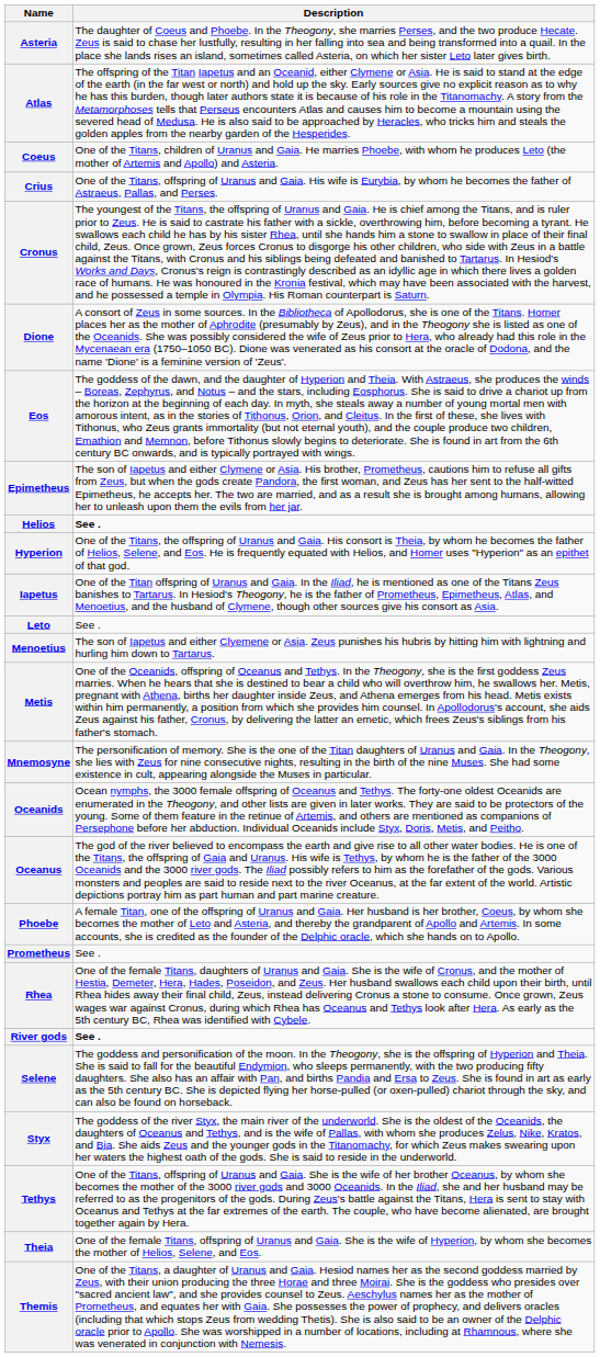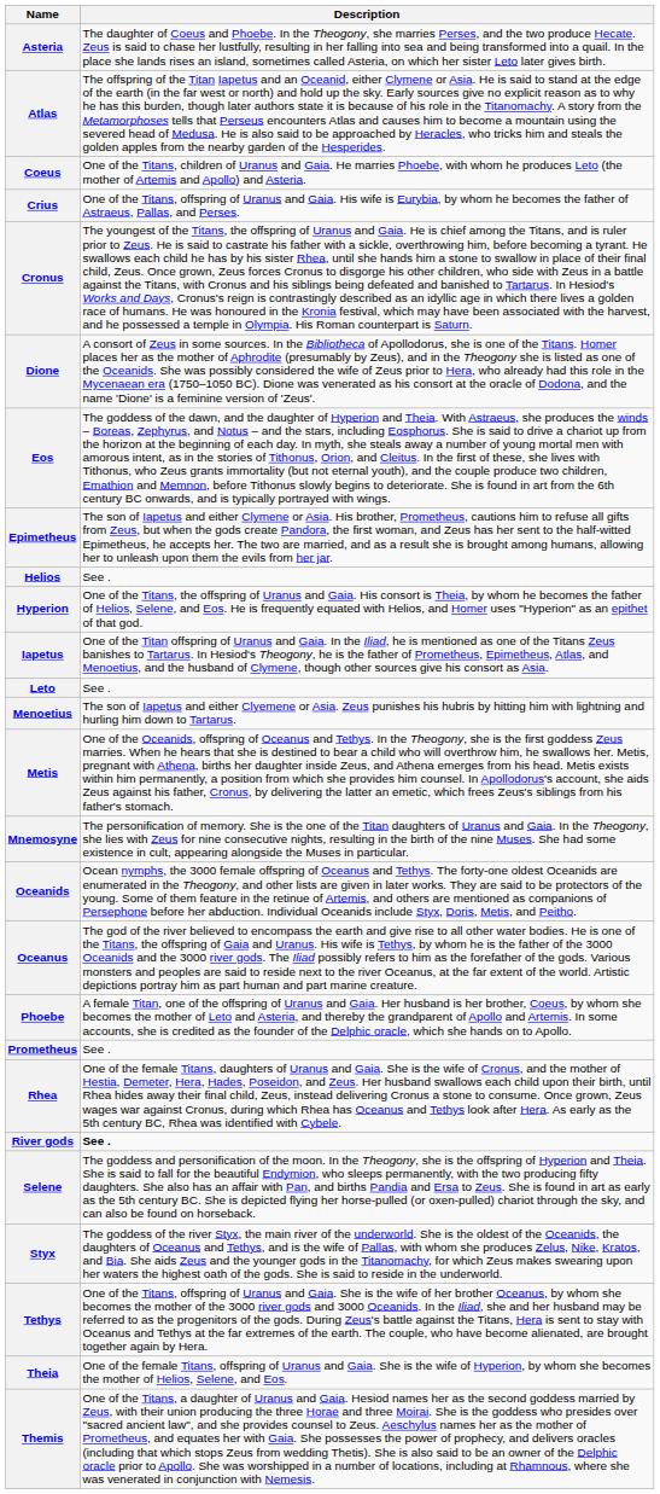 <table class="wikitable">
 <tr>
 <th scope="col">Name</th>
 <th scope="col">Description</th>
 </tr>
 <tr>
 <th scope="row"><a href='#'>Asteria</a></th>
 <td>The daughter of <a href='#'>Coeus</a> and <a href='#'>Phoebe</a>. In the <em>Theogony</em>, she marries <a href='#'>Perses</a>, and the two produce <a href='#'>Hecate</a>. <a href='#'>Zeus</a> is said to chase her lustfully, resulting in her falling into sea and being transformed into a quail. In the place she lands rises an island, sometimes called Asteria, on which her sister <a href='#'>Leto</a> later gives birth.</td>
 </tr>
 <tr>
 <th scope="row"><a href='#'>Atlas</a></th>
 <td>The offspring of the <a href='#'>Titan</a> <a href='#'>Iapetus</a> and an <a href='#'>Oceanid</a>, either <a href='#'>Clymene</a> or <a href='#'>Asia</a>. He is said to stand at the edge of the earth (in the far west or north) and hold up the sky. Early sources give no explicit reason as to why he has this burden, though later authors state it is because of his role in the <a href='#'>Titanomachy</a>. A story from the <em><a href='#'>Metamorphoses</a></em> tells that <a href='#'>Perseus</a> encounters Atlas and causes him to become a mountain using the severed head of <a href='#'>Medusa</a>. He is also said to be approached by <a href='#'>Heracles</a>, who tricks him and steals the golden apples from the nearby garden of the <a href='#'>Hesperides</a>.</td>
 </tr>
 <tr>
 <th scope="row"><a href='#'>Coeus</a></th>
 <td>One of the <a href='#'>Titans</a>, children of <a href='#'>Uranus</a> and <a href='#'>Gaia</a>. He marries <a href='#'>Phoebe</a>, with whom he produces <a href='#'>Leto</a> (the mother of <a href='#'>Artemis</a> and <a href='#'>Apollo</a>) and <a href='#'>Asteria</a>.</td>
 </tr>
 <tr>
 <th scope="row"><a href='#'>Crius</a></th>
 <td>One of the <a href='#'>Titans</a>, offspring of <a href='#'>Uranus</a> and <a href='#'>Gaia</a>. His wife is <a href='#'>Eurybia</a>, by whom he becomes the father of <a href='#'>Astraeus</a>, <a href='#'>Pallas</a>, and <a href='#'>Perses</a>.</td>
 </tr>
 <tr>
 <th scope="row"><a href='#'>Cronus</a></th>
 <td>The youngest of the <a href='#'>Titans</a>, the offspring of <a href='#'>Uranus</a> and <a href='#'>Gaia</a>. He is chief among the Titans, and is ruler prior to <a href='#'>Zeus</a>. He is said to castrate his father with a sickle, overthrowing him, before becoming a tyrant. He swallows each child he has by his sister <a href='#'>Rhea</a>, until she hands him a stone to swallow in place of their final child, Zeus. Once grown, Zeus forces Cronus to disgorge his other children, who side with Zeus in a battle against the Titans, with Cronus and his siblings being defeated and banished to <a href='#'>Tartarus</a>. In Hesiod's <em><a href='#'>Works and Days</a></em>, Cronus's reign is contrastingly described as an idyllic age in which there lives a golden race of humans. He was honoured in the <a href='#'>Kronia</a> festival, which may have been associated with the harvest, and he possessed a temple in <a href='#'>Olympia</a>. His Roman counterpart is <a href='#'>Saturn</a>.</td>
 </tr>
 <tr>
 <th scope="row"><a href='#'>Dione</a></th>
 <td>A consort of <a href='#'>Zeus</a> in some sources. In the <em><a href='#'>Bibliotheca</a></em> of Apollodorus, she is one of the <a href='#'>Titans</a>. <a href='#'>Homer</a> places her as the mother of <a href='#'>Aphrodite</a> (presumably by Zeus), and in the <em>Theogony</em> she is listed as one of the <a href='#'>Oceanids</a>. She was possibly considered the wife of Zeus prior to <a href='#'>Hera</a>, who already had this role in the <a href='#'>Mycenaean era</a> (1750–1050 BC). Dione was venerated as his consort at the oracle of <a href='#'>Dodona</a>, and the name 'Dione' is a feminine version of 'Zeus'.</td>
 </tr>
 <tr>
 <th scope="row"><a href='#'>Eos</a></th>
 <td>The goddess of the dawn, and the daughter of <a href='#'>Hyperion</a> and <a href='#'>Theia</a>. With <a href='#'>Astraeus</a>, she produces the <a href='#'>winds</a> – <a href='#'>Boreas</a>, <a href='#'>Zephyrus</a>, and <a href='#'>Notus</a> – and the stars, including <a href='#'>Eosphorus</a>. She is said to drive a chariot up from the horizon at the beginning of each day. In myth, she steals away a number of young mortal men with amorous intent, as in the stories of <a href='#'>Tithonus</a>, <a href='#'>Orion</a>, and <a href='#'>Cleitus</a>. In the first of these, she lives with Tithonus, who Zeus grants immortality (but not eternal youth), and the couple produce two children, <a href='#'>Emathion</a> and <a href='#'>Memnon</a>, before Tithonus slowly begins to deteriorate. She is found in art from the 6th century BC onwards, and is typically portrayed with wings.</td>
 </tr>
 <tr>
 <th scope="row"><a href='#'>Epimetheus</a></th>
 <td>The son of <a href='#'>Iapetus</a> and either <a href='#'>Clymene</a> or <a href='#'>Asia</a>. His brother, <a href='#'>Prometheus</a>, cautions him to refuse all gifts from <a href='#'>Zeus</a>, but when the gods create <a href='#'>Pandora</a>, the first woman, and Zeus has her sent to the half-witted Epimetheus, he accepts her. The two are married, and as a result she is brought among humans, allowing her to unleash upon them the evils from <a href='#'>her jar</a>.</td>
 </tr>
 <tr>
 <th scope="row"><a href='#'>Helios</a></th>
-<td><strong>See .</strong></td>
+<td>See .</td>
 </tr>
 <tr>
 <th scope="row"><a href='#'>Hyperion</a></th>
 <td>One of the <a href='#'>Titans</a>, the offspring of <a href='#'>Uranus</a> and <a href='#'>Gaia</a>. His consort is <a href='#'>Theia</a>, by whom he becomes the father of <a href='#'>Helios</a>, <a href='#'>Selene</a>, and <a href='#'>Eos</a>. He is frequently equated with Helios, and <a href='#'>Homer</a> uses "Hyperion" as an <a href='#'>epithet</a> of that god.</td>
 </tr>
 <tr>
 <th scope="row"><a href='#'>Iapetus</a></th>
 <td>One of the <a href='#'>Titan</a> offspring of <a href='#'>Uranus</a> and <a href='#'>Gaia</a>. In the <em><a href='#'>Iliad</a></em>, he is mentioned as one of the Titans <a href='#'>Zeus</a> banishes to <a href='#'>Tartarus</a>. In Hesiod's <em>Theogony</em>, he is the father of <a href='#'>Prometheus</a>, <a href='#'>Epimetheus</a>, <a href='#'>Atlas</a>, and <a href='#'>Menoetius</a>, and the husband of <a href='#'>Clymene</a>, though other sources give his consort as <a href='#'>Asia</a>.</td>
 </tr>
 <tr>
 <th scope="row"><a href='#'>Leto</a></th>
 <td>See .</td>
 </tr>
 <tr>
 <th scope="row"><a href='#'>Menoetius</a></th>
 <td>The son of <a href='#'>Iapetus</a> and either <a href='#'>Clyemene</a> or <a href='#'>Asia</a>. <a href='#'>Zeus</a> punishes his hubris by hitting him with lightning and hurling him down to <a href='#'>Tartarus</a>.</td>
 </tr>
 <tr>
 <th scope="row"><a href='#'>Metis</a></th>
 <td>One of the <a href='#'>Oceanids</a>, offspring of <a href='#'>Oceanus</a> and <a href='#'>Tethys</a>. In the <em>Theogony</em>, she is the first goddess <a href='#'>Zeus</a> marries. When he hears that she is destined to bear a child who will overthrow him, he swallows her. Metis, pregnant with <a href='#'>Athena</a>, births her daughter inside Zeus, and Athena emerges from his head. Metis exists within him permanently, a position from which she provides him counsel. In <a href='#'>Apollodorus</a>'s account, she aids Zeus against his father, <a href='#'>Cronus</a>, by delivering the latter an emetic, which frees Zeus's siblings from his father's stomach.</td>
 </tr>
 <tr>
 <th scope="row"><a href='#'>Mnemosyne</a></th>
 <td>The personification of memory. She is the one of the <a href='#'>Titan</a> daughters of <a href='#'>Uranus</a> and <a href='#'>Gaia</a>. In the <em>Theogony</em>, she lies with <a href='#'>Zeus</a> for nine consecutive nights, resulting in the birth of the nine <a href='#'>Muses</a>. She had some existence in cult, appearing alongside the Muses in particular.</td>
 </tr>
 <tr>
 <th scope="row"><a href='#'>Oceanids</a></th>
 <td>Ocean <a href='#'>nymphs</a>, the 3000 female offspring of <a href='#'>Oceanus</a> and <a href='#'>Tethys</a>. The forty-one oldest Oceanids are enumerated in the <em>Theogony</em>, and other lists are given in later works. They are said to be protectors of the young. Some of them feature in the retinue of <a href='#'>Artemis</a>, and others are mentioned as companions of <a href='#'>Persephone</a> before her abduction. Individual Oceanids include <a href='#'>Styx</a>, <a href='#'>Doris</a>, <a href='#'>Metis</a>, and <a href='#'>Peitho</a>.</td>
 </tr>
 <tr>
 <th scope="row"><a href='#'>Oceanus</a></th>
 <td>The god of the river believed to encompass the earth and give rise to all other water bodies. He is one of the <a href='#'>Titans</a>, the offspring of <a href='#'>Gaia</a> and <a href='#'>Uranus</a>. His wife is <a href='#'>Tethys</a>, by whom he is the father of the 3000 <a href='#'>Oceanids</a> and the 3000 <a href='#'>river gods</a>. The <em><a href='#'>Iliad</a></em> possibly refers to him as the forefather of the gods. Various monsters and peoples are said to reside next to the river Oceanus, at the far extent of the world. Artistic depictions portray him as part human and part marine creature.</td>
 </tr>
 <tr>
 <th scope="row"><a href='#'>Phoebe</a></th>
 <td>A female <a href='#'>Titan</a>, one of the offspring of <a href='#'>Uranus</a> and <a href='#'>Gaia</a>. Her husband is her brother, <a href='#'>Coeus</a>, by whom she becomes the mother of <a href='#'>Leto</a> and <a href='#'>Asteria</a>, and thereby the grandparent of <a href='#'>Apollo</a> and <a href='#'>Artemis</a>. In some accounts, she is credited as the founder of the <a href='#'>Delphic oracle</a>, which she hands on to Apollo.</td>
 </tr>
 <tr>
 <th scope="row"><a href='#'>Prometheus</a></th>
 <td>See .</td>
 </tr>
 <tr>
 <th scope="row"><a href='#'>Rhea</a></th>
 <td>One of the female <a href='#'>Titans</a>, daughters of <a href='#'>Uranus</a> and <a href='#'>Gaia</a>. She is the wife of <a href='#'>Cronus</a>, and the mother of <a href='#'>Hestia</a>, <a href='#'>Demeter</a>, <a href='#'>Hera</a>, <a href='#'>Hades</a>, <a href='#'>Poseidon</a>, and <a href='#'>Zeus</a>. Her husband swallows each child upon their birth, until Rhea hides away their final child, Zeus, instead delivering Cronus a stone to consume. Once grown, Zeus wages war against Cronus, during which Rhea has <a href='#'>Oceanus</a> and <a href='#'>Tethys</a> look after <a href='#'>Hera</a>. As early as the 5th century BC, Rhea was identified with <a href='#'>Cybele</a>.</td>
 </tr>
 <tr>
 <th scope="row"><a href='#'>River gods</a></th>
 <td><strong>See .</strong></td>
 </tr>
 <tr>
 <th scope="row"><a href='#'>Selene</a></th>
 <td>The goddess and personification of the moon. In the <em>Theogony</em>, she is the offspring of <a href='#'>Hyperion</a> and <a href='#'>Theia</a>. She is said to fall for the beautiful <a href='#'>Endymion</a>, who sleeps permanently, with the two producing fifty daughters. She also has an affair with <a href='#'>Pan</a>, and births <a href='#'>Pandia</a> and <a href='#'>Ersa</a> to <a href='#'>Zeus</a>. She is found in art as early as the 5th century BC. She is depicted flying her horse-pulled (or oxen-pulled) chariot through the sky, and can also be found on horseback.</td>
 </tr>
 <tr>
 <th scope="row"><a href='#'>Styx</a></th>
 <td>The goddess of the river <a href='#'>Styx</a>, the main river of the <a href='#'>underworld</a>. She is the oldest of the <a href='#'>Oceanids</a>, the daughters of <a href='#'>Oceanus</a> and <a href='#'>Tethys</a>, and is the wife of <a href='#'>Pallas</a>, with whom she produces <a href='#'>Zelus</a>, <a href='#'>Nike</a>, <a href='#'>Kratos</a>, and <a href='#'>Bia</a>. She aids <a href='#'>Zeus</a> and the younger gods in the <a href='#'>Titanomachy</a>, for which Zeus makes swearing upon her waters the highest oath of the gods. She is said to reside in the underworld.</td>
 </tr>
 <tr>
 <th scope="row"><a href='#'>Tethys</a></th>
 <td>One of the <a href='#'>Titans</a>, offspring of <a href='#'>Uranus</a> and <a href='#'>Gaia</a>. She is the wife of her brother <a href='#'>Oceanus</a>, by whom she becomes the mother of the 3000 <a href='#'>river gods</a> and 3000 <a href='#'>Oceanids</a>. In the <em><a href='#'>Iliad</a></em>, she and her husband may be referred to as the progenitors of the gods. During <a href='#'>Zeus</a>'s battle against the Titans, <a href='#'>Hera</a> is sent to stay with Oceanus and Tethys at the far extremes of the earth. The couple, who have become alienated, are brought together again by Hera.</td>
 </tr>
 <tr>
 <th scope="row"><a href='#'>Theia</a></th>
 <td>One of the female <a href='#'>Titans</a>, offspring of <a href='#'>Uranus</a> and <a href='#'>Gaia</a>. She is the wife of <a href='#'>Hyperion</a>, by whom she becomes the mother of <a href='#'>Helios</a>, <a href='#'>Selene</a>, and <a href='#'>Eos</a>.</td>
 </tr>
 <tr>
 <th scope="row"><a href='#'>Themis</a></th>
 <td>One of the <a href='#'>Titans</a>, a daughter of <a href='#'>Uranus</a> and <a href='#'>Gaia</a>. Hesiod names her as the second goddess married by <a href='#'>Zeus</a>, with their union producing the three <a href='#'>Horae</a> and three <a href='#'>Moirai</a>. She is the goddess who presides over "sacred ancient law", and she provides counsel to Zeus. <a href='#'>Aeschylus</a> names her as the mother of <a href='#'>Prometheus</a>, and equates her with <a href='#'>Gaia</a>. She possesses the power of prophecy, and delivers oracles (including that which stops Zeus from wedding Thetis). She is also said to be an owner of the <a href='#'>Delphic oracle</a> prior to <a href='#'>Apollo</a>. She was worshipped in a number of locations, including at <a href='#'>Rhamnous</a>, where she was venerated in conjunction with <a href='#'>Nemesis</a>.</td>
 </tr>
 </table>
